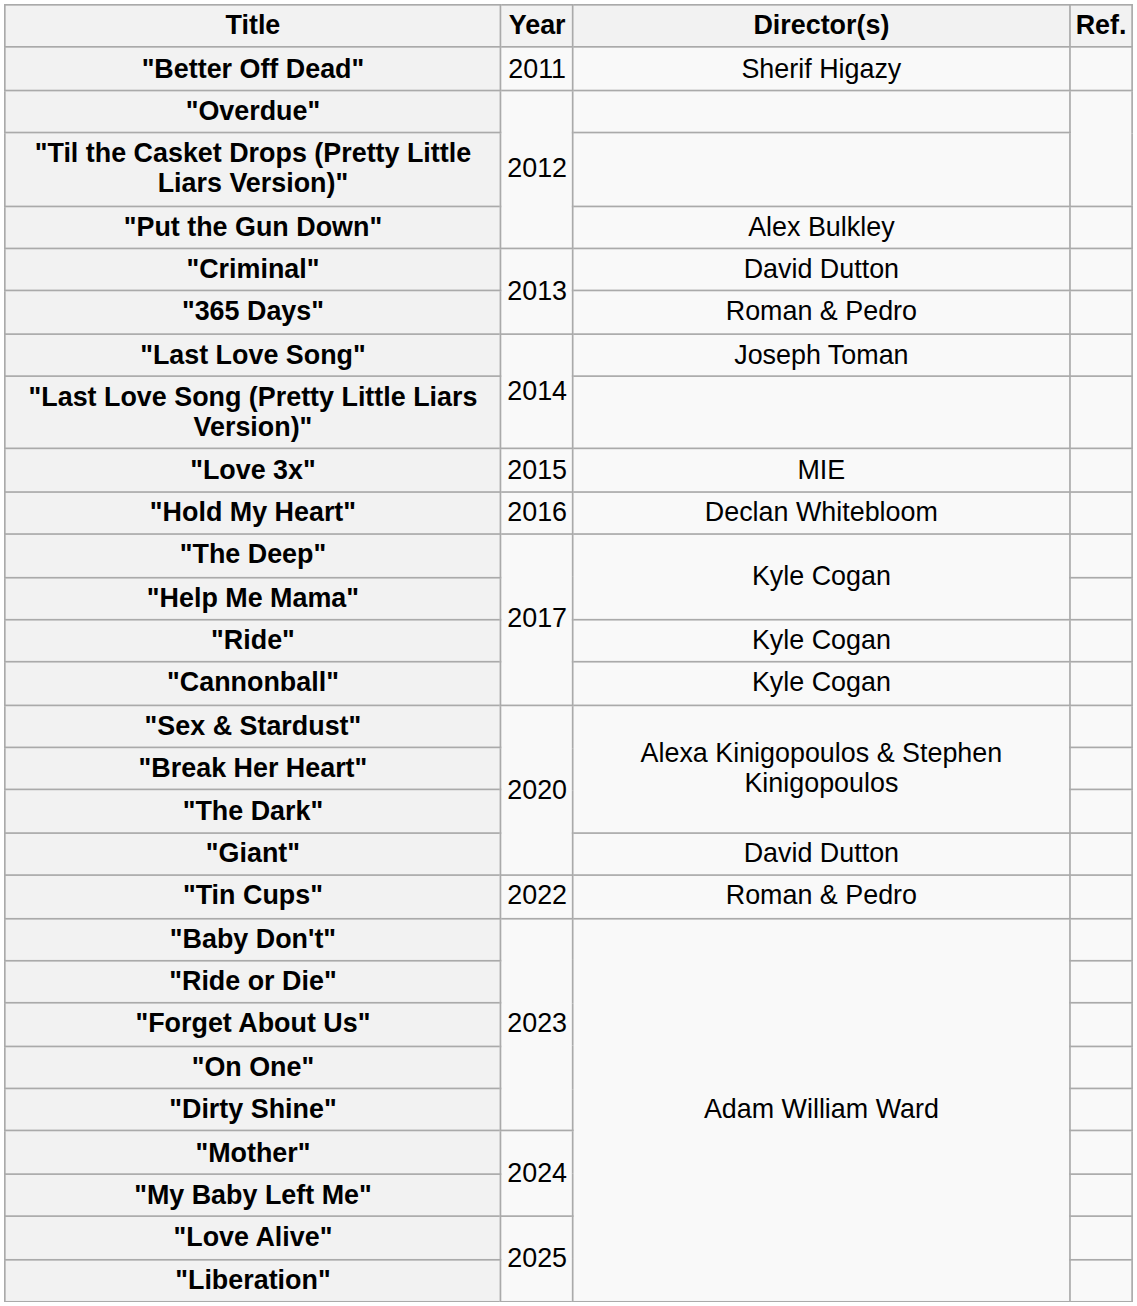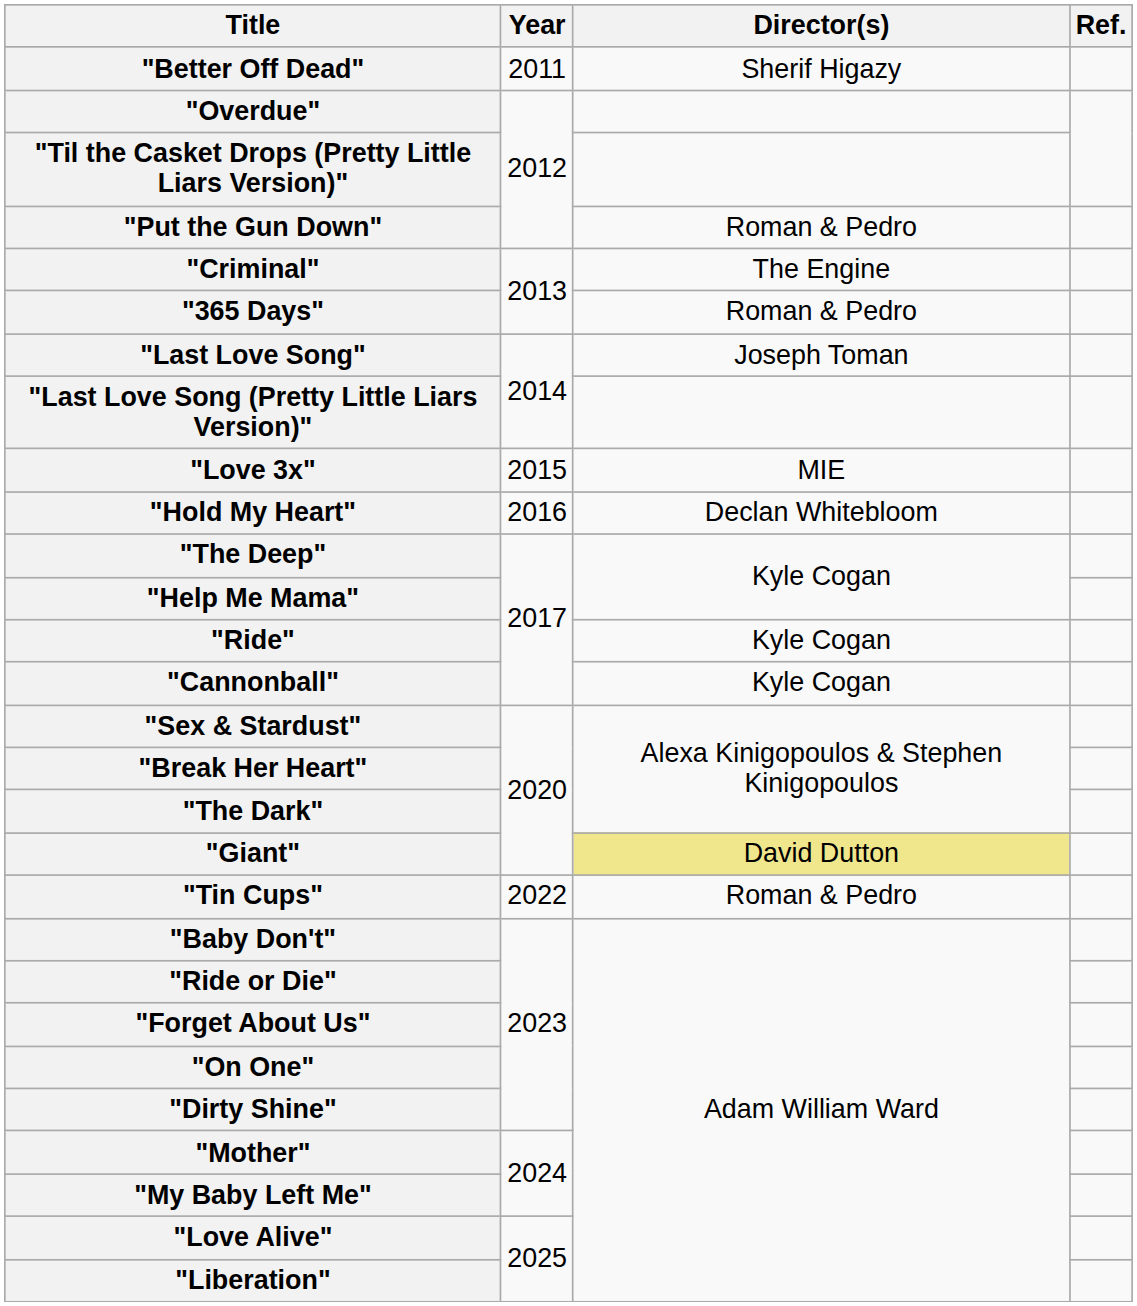 <table class="wikitable plainrowheaders" style="text-align:center;">
 <tr>
 <th scope="col" style="width:18em;">Title</th>
 <th scope="col">Year</th>
 <th scope="col" style="width:18em;">Director(s)</th>
 <th>Ref.</th>
 </tr>
 <tr>
 <th scope="row">"Better Off Dead"</th>
 <td>2011</td>
 <td>Sherif Higazy</td>
 <td></td>
 </tr>
 <tr>
 <th scope="row">"Overdue"</th>
 <td rowspan="3">2012</td>
 <td></td>
 </tr>
 <tr>
 <th scope="row">"Til the Casket Drops (Pretty Little Liars Version)"</th>
 <td></td>
 </tr>
 <tr>
 <th scope="row">"Put the Gun Down"</th>
-<td>Alex Bulkley</td>
+<td>Roman & Pedro</td>
 <td></td>
 </tr>
 <tr>
 <th scope="row">"Criminal"</th>
 <td rowspan="2">2013</td>
-<td>David Dutton</td>
+<td>The Engine</td>
 <td></td>
 </tr>
 <tr>
 <th scope="row">"365 Days"</th>
 <td>Roman & Pedro</td>
 <td></td>
 </tr>
 <tr>
 <th scope="row">"Last Love Song"</th>
 <td rowspan="2">2014</td>
 <td>Joseph Toman</td>
 <td></td>
 </tr>
 <tr>
 <th scope="row">"Last Love Song (Pretty Little Liars Version)"</th>
 <td></td>
 <td></td>
 </tr>
 <tr>
 <th scope="row">"Love 3x"</th>
 <td>2015</td>
 <td>MIE</td>
 <td></td>
 </tr>
 <tr>
 <th scope="row">"Hold My Heart"</th>
 <td>2016</td>
 <td>Declan Whitebloom</td>
 <td></td>
 </tr>
 <tr>
 <th scope="row">"The Deep"</th>
 <td rowspan="4">2017</td>
 <td rowspan="2">Kyle Cogan</td>
 <td></td>
 </tr>
 <tr>
 <th scope="row">"Help Me Mama"</th>
 <td></td>
 </tr>
 <tr>
 <th scope="row">"Ride"</th>
 <td>Kyle Cogan</td>
 <td></td>
 </tr>
 <tr>
 <th scope="row">"Cannonball"</th>
 <td>Kyle Cogan</td>
 <td></td>
 </tr>
 <tr>
 <th scope="row">"Sex & Stardust"</th>
 <td rowspan="4">2020</td>
 <td rowspan="3">Alexa Kinigopoulos & Stephen Kinigopoulos</td>
 <td></td>
 </tr>
 <tr>
 <th scope="row">"Break Her Heart"</th>
 <td></td>
 </tr>
 <tr>
 <th scope="row">"The Dark"</th>
 <td></td>
 </tr>
 <tr>
 <th scope="row">"Giant"</th>
-<td>David Dutton</td>
+<td style="background: khaki;">David Dutton</td>
 <td></td>
 </tr>
 <tr>
 <th scope="row">"Tin Cups"</th>
 <td>2022</td>
 <td>Roman & Pedro</td>
 <td></td>
 </tr>
 <tr>
 <th scope="row">"Baby Don't"</th>
 <td rowspan="5">2023</td>
 <td rowspan="9">Adam William Ward</td>
 <td></td>
 </tr>
 <tr>
 <th scope="row">"Ride or Die"</th>
 <td></td>
 </tr>
 <tr>
 <th scope="row">"Forget About Us"</th>
 <td></td>
 </tr>
 <tr>
 <th scope="row">"On One"</th>
 <td></td>
 </tr>
 <tr>
 <th scope="row">"Dirty Shine"</th>
 <td></td>
 </tr>
 <tr>
 <th scope="row">"Mother"</th>
 <td rowspan="2">2024</td>
 <td></td>
 </tr>
 <tr>
 <th scope="row">"My Baby Left Me"</th>
 <td></td>
 </tr>
 <tr>
 <th scope="row">"Love Alive"</th>
 <td rowspan="2">2025</td>
 <td></td>
 </tr>
 <tr>
 <th scope="row">"Liberation"</th>
 <td></td>
 </tr>
 </table>
